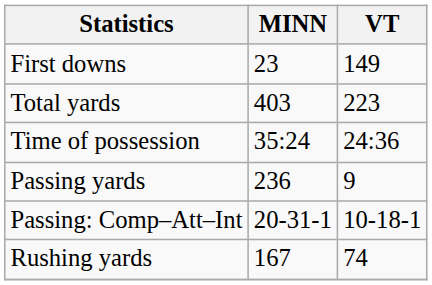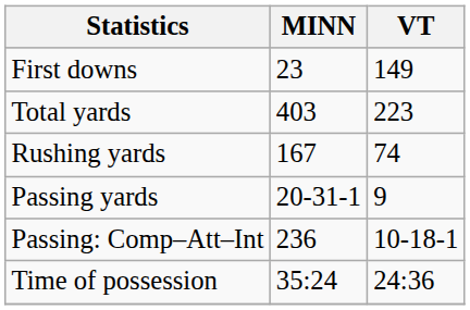 <table class="wikitable" style="float: left;">
 <tr>
 <th>Statistics</th>
 <th>MINN</th>
 <th>VT</th>
 </tr>
 <tr>
 <td>First downs</td>
 <td>23</td>
 <td>149</td>
 </tr>
 <tr>
 <td>Total yards</td>
 <td>403</td>
 <td>223</td>
 </tr>
 <tr>
+<td>Rushing yards</td>
+<td>167</td>
+<td>74</td>
+</tr>
+<tr>
+<td>Passing yards</td>
+<td>20-31-1</td>
+<td>9</td>
+</tr>
+<tr>
+<td>Passing: Comp–Att–Int</td>
+<td>236</td>
+<td>10-18-1</td>
+</tr>
+<tr>
 <td>Time of possession</td>
 <td>35:24</td>
 <td>24:36</td>
 </tr>
 <tr>
-<td>Passing yards</td>
-<td>236</td>
-<td>9</td>
-</tr>
-<tr>
-<td>Passing: Comp–Att–Int</td>
-<td>20-31-1</td>
-<td>10-18-1</td>
-</tr>
-<tr>
-<td>Rushing yards</td>
-<td>167</td>
-<td>74</td>
-</tr>
-<tr>
 </tr>
 </table>
